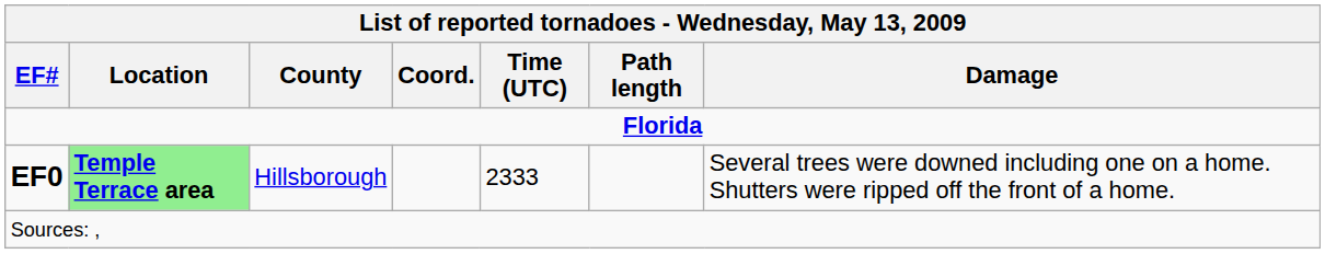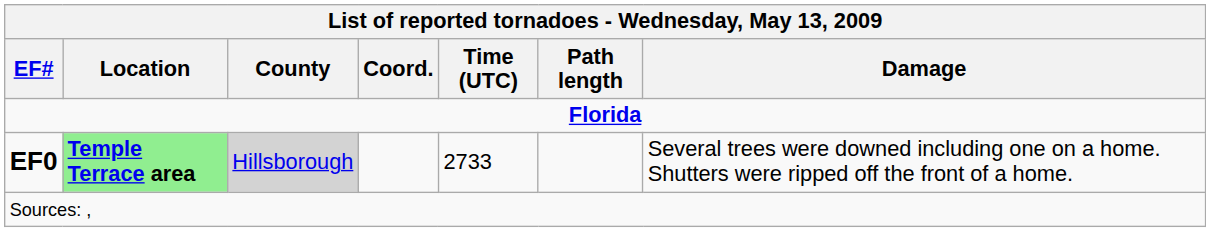 <table class="wikitable collapsible" width="100%">
 <tr>
 <th colspan="7">List of reported tornadoes - Wednesday, May 13, 2009</th>
 </tr>
 <tr>
 <th><a href='#'>EF#</a></th>
 <th>Location</th>
 <th>County</th>
 <th>Coord.</th>
 <th>Time (UTC)</th>
 <th>Path length</th>
 <th>Damage</th>
 </tr>
 <tr>
 <td colspan="7" align=center><strong><a href='#'>Florida</a></strong></td>
 </tr>
 <tr>
 <td><big><strong>EF0</strong></big></td>
 <td style="background: lightgreen;"><strong><a href='#'>Temple Terrace</a> area</strong></td>
-<td><a href='#'>Hillsborough</a></td>
+<td style="background: lightgrey;"><a href='#'>Hillsborough</a></td>
 <td></td>
-<td>2333</td>
+<td>2733</td>
 <td></td>
 <td>Several trees were downed including one on a home. Shutters were ripped off the front of a home.</td>
 </tr>
 <tr>
 <td colspan="7"><small>Sources: , </small></td>
 </tr>
 </table>
